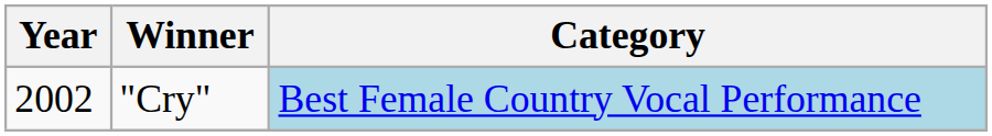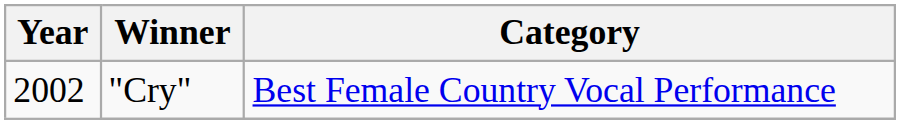 <table class="wikitable" style="width:400px;">
 <tr>
 <th>Year</th>
 <th>Winner</th>
 <th>Category</th>
 </tr>
 <tr>
 <td rowspan="2">2002</td>
 <td>"Cry"</td>
-<td style="background: lightblue;"><a href='#'>Best Female Country Vocal Performance</a></td>
+<td><a href='#'>Best Female Country Vocal Performance</a></td>
 </tr>
 <tr>
 </tr>
 </table>
